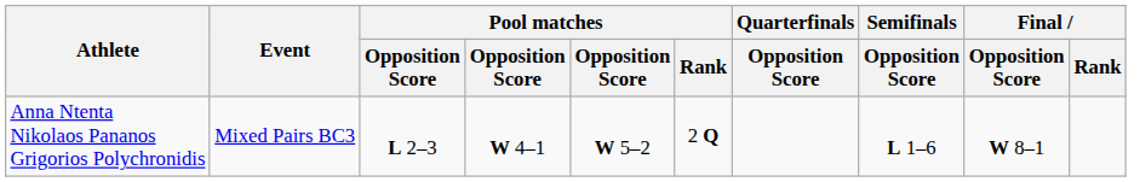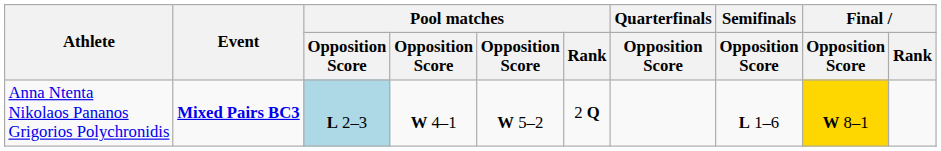 <table class=wikitable style="font-size:90%">
 <tr>
 <th rowspan="2">Athlete</th>
 <th rowspan="2">Event</th>
 <th colspan="4">Pool matches</th>
 <th>Quarterfinals</th>
 <th>Semifinals</th>
 <th colspan=2>Final / </th>
 </tr>
 <tr>
 <th>Opposition<br>Score</th>
 <th>Opposition<br>Score</th>
 <th>Opposition<br>Score</th>
 <th>Rank</th>
 <th>Opposition<br>Score</th>
 <th>Opposition<br>Score</th>
 <th>Opposition<br>Score</th>
 <th>Rank</th>
 </tr>
 <tr align=center>
 <td align=left><a href='#'>Anna Ntenta</a><br><a href='#'>Nikolaos Pananos</a><br><a href='#'>Grigorios Polychronidis</a></td>
-<td align=left><a href='#'>Mixed Pairs BC3</a></td>
-<td><br><strong>L</strong> 2–3</td>
+<td align=left><strong><a href='#'>Mixed Pairs BC3</a></strong></td>
+<td style="background: lightblue;"><br><strong>L</strong> 2–3</td>
 <td><br><strong>W</strong> 4–1</td>
 <td><br><strong>W</strong> 5–2</td>
 <td>2 <strong>Q</strong></td>
 <td></td>
 <td><br><strong>L</strong> 1–6</td>
-<td><br><strong>W</strong> 8–1</td>
+<td style="background: gold;"><br><strong>W</strong> 8–1</td>
 <td></td>
 </tr>
 </table>
